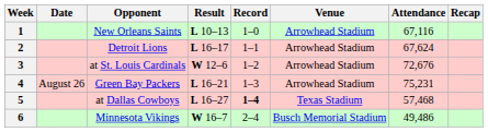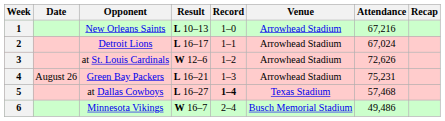 <table class="wikitable" style="text-align:center">
 <tr>
 <th>Week</th>
 <th>Date</th>
 <th>Opponent</th>
 <th>Result</th>
 <th>Record</th>
 <th>Venue</th>
 <th>Attendance</th>
 <th>Recap</th>
 </tr>
 <tr style="background:#cfc">
 <th>1</th>
 <td></td>
 <td><a href='#'>New Orleans Saints</a></td>
 <td><strong>L</strong> 10–13</td>
 <td>1–0</td>
 <td><a href='#'>Arrowhead Stadium</a></td>
-<td>67,116</td>
+<td>67,216</td>
 <td></td>
 </tr>
 <tr style="background:#fcc">
 <th>2</th>
 <td></td>
 <td><a href='#'>Detroit Lions</a></td>
 <td><strong>L</strong> 16–17</td>
 <td>1–1</td>
 <td>Arrowhead Stadium</td>
-<td>67,624</td>
+<td>67,024</td>
 <td></td>
 </tr>
 <tr style="background:#fcc">
 <th>3</th>
 <td></td>
 <td>at <a href='#'>St. Louis Cardinals</a></td>
 <td><strong>W</strong> 12–6</td>
 <td>1–2</td>
 <td>Arrowhead Stadium</td>
-<td>72,676</td>
+<td>72,626</td>
 <td></td>
 </tr>
 <tr style="background:#fcc">
 <th>4</th>
 <td>August 26</td>
 <td><a href='#'>Green Bay Packers</a></td>
 <td><strong>L</strong> 16–21</td>
 <td>1–3</td>
 <td>Arrowhead Stadium</td>
 <td>75,231</td>
 <td></td>
 </tr>
 <tr style="background:#fcc">
 <th>5</th>
 <td></td>
 <td>at <a href='#'>Dallas Cowboys</a></td>
 <td><strong>L</strong> 16–27</td>
 <td><strong>1–4</strong></td>
 <td><a href='#'>Texas Stadium</a></td>
 <td>57,468</td>
 <td></td>
 </tr>
 <tr style="background:#cfc">
 <th>6</th>
 <td></td>
 <td><a href='#'>Minnesota Vikings</a></td>
 <td><strong>W</strong> 16–7</td>
 <td>2–4</td>
 <td><a href='#'>Busch Memorial Stadium</a></td>
 <td>49,486</td>
 <td></td>
 </tr>
 </table>
